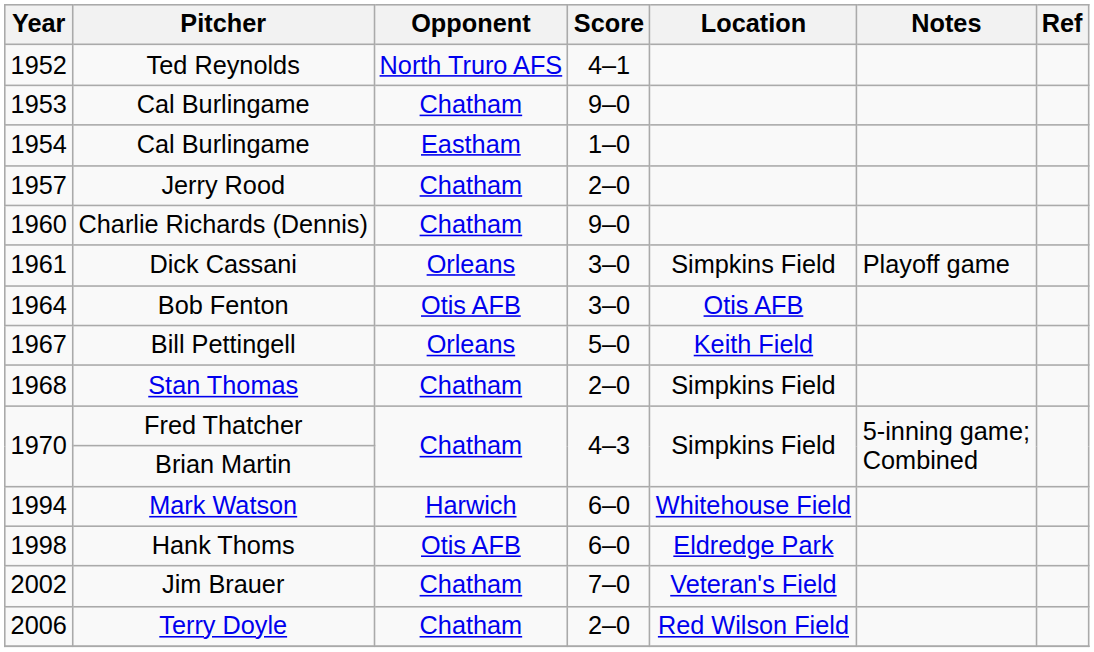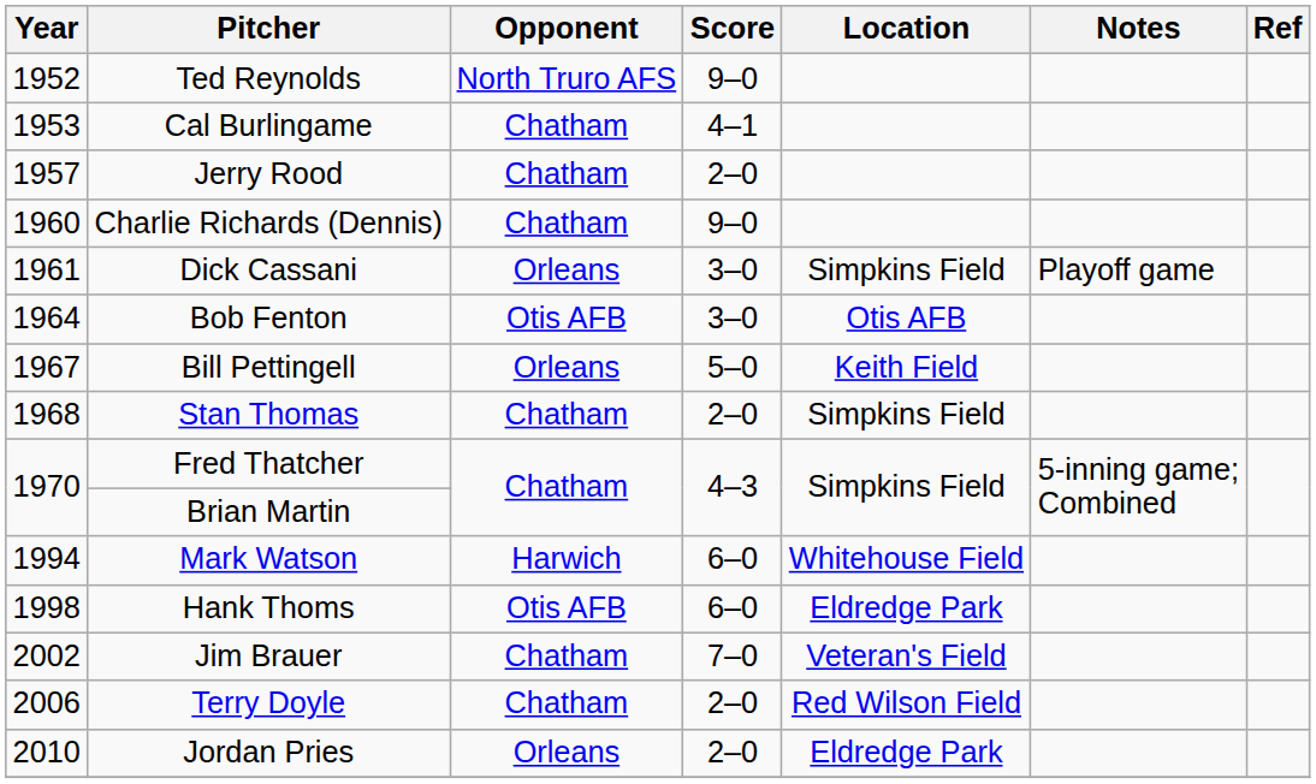 <table class="wikitable" style="text-align:center">
 <tr>
 <th scope="col">Year</th>
 <th scope="col">Pitcher</th>
 <th scope="col">Opponent</th>
 <th scope="col">Score</th>
 <th scope="col">Location</th>
 <th scope="col">Notes</th>
 <th scope="col">Ref</th>
 </tr>
 <tr>
 <td>1952</td>
 <td>Ted Reynolds</td>
 <td><a href='#'>North Truro AFS</a></td>
-<td>4–1</td>
+<td>9–0</td>
 <td></td>
 <td></td>
 <td></td>
 </tr>
 <tr>
 <td>1953</td>
 <td>Cal Burlingame</td>
 <td><a href='#'>Chatham</a></td>
-<td>9–0</td>
-<td></td>
-<td></td>
-<td></td>
-</tr>
-<tr>
-<td>1954</td>
-<td>Cal Burlingame</td>
-<td><a href='#'>Eastham</a></td>
-<td>1–0</td>
+<td>4–1</td>
 <td></td>
 <td></td>
 <td></td>
 </tr>
 <tr>
 <td>1957</td>
 <td>Jerry Rood</td>
 <td><a href='#'>Chatham</a></td>
 <td>2–0</td>
 <td></td>
 <td></td>
 <td></td>
 </tr>
 <tr>
 <td>1960</td>
 <td>Charlie Richards (Dennis)</td>
 <td><a href='#'>Chatham</a></td>
 <td>9–0</td>
 <td></td>
 <td></td>
 <td></td>
 </tr>
 <tr>
 <td>1961</td>
 <td>Dick Cassani</td>
 <td><a href='#'>Orleans</a></td>
 <td>3–0</td>
 <td>Simpkins Field</td>
 <td style="text-align:left">Playoff game</td>
 <td></td>
 </tr>
 <tr>
 <td>1964</td>
 <td>Bob Fenton</td>
 <td><a href='#'>Otis AFB</a></td>
 <td>3–0</td>
 <td><a href='#'>Otis AFB</a></td>
 <td></td>
 <td></td>
 </tr>
 <tr>
 <td>1967</td>
 <td>Bill Pettingell</td>
 <td><a href='#'>Orleans</a></td>
 <td>5–0</td>
 <td><a href='#'>Keith Field</a></td>
 <td></td>
 <td></td>
 </tr>
 <tr>
 <td>1968</td>
 <td><a href='#'>Stan Thomas</a></td>
 <td><a href='#'>Chatham</a></td>
 <td>2–0</td>
 <td>Simpkins Field</td>
 <td></td>
 <td></td>
 </tr>
 <tr>
 <td rowspan="2">1970</td>
 <td>Fred Thatcher</td>
 <td rowspan="2"><a href='#'>Chatham</a></td>
 <td rowspan="2">4–3</td>
 <td rowspan="2">Simpkins Field</td>
 <td style="text-align:left" rowspan="2">5-inning game; <br>Combined</td>
 <td rowspan="2"></td>
 </tr>
 <tr>
 <td>Brian Martin</td>
 </tr>
 <tr>
 <td>1994</td>
 <td><a href='#'>Mark Watson</a></td>
 <td><a href='#'>Harwich</a></td>
 <td>6–0</td>
 <td><a href='#'>Whitehouse Field</a></td>
 <td></td>
 <td></td>
 </tr>
 <tr>
 <td>1998</td>
 <td>Hank Thoms</td>
 <td><a href='#'>Otis AFB</a></td>
 <td>6–0</td>
 <td><a href='#'>Eldredge Park</a></td>
 <td></td>
 <td></td>
 </tr>
 <tr>
 <td>2002</td>
 <td>Jim Brauer</td>
 <td><a href='#'>Chatham</a></td>
 <td>7–0</td>
 <td><a href='#'>Veteran's Field</a></td>
 <td></td>
 <td></td>
 </tr>
 <tr>
 <td>2006</td>
 <td><a href='#'>Terry Doyle</a></td>
 <td><a href='#'>Chatham</a></td>
 <td>2–0</td>
 <td><a href='#'>Red Wilson Field</a></td>
 <td></td>
 <td></td>
 </tr>
 <tr>
+<td>2010</td>
+<td>Jordan Pries</td>
+<td><a href='#'>Orleans</a></td>
+<td>2–0</td>
+<td><a href='#'>Eldredge Park</a></td>
+<td></td>
+<td></td>
+</tr>
+<tr>
 </tr>
 </table>
